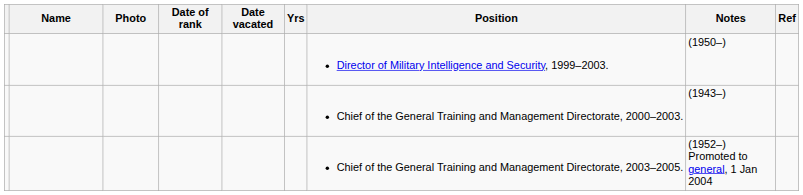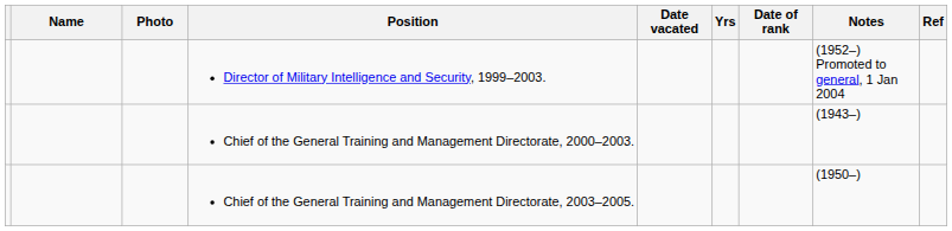 <table class="wikitable sortable">
 <tr>
 <th></th>
 <th width=130>Name</th>
 <th width=75 class="unsortable">Photo</th>
-<th width=85>Date of rank</th>
+<th class="unsortable">Position</th>
 <th width=85>Date vacated</th>
 <th width=20>Yrs</th>
-<th class="unsortable">Position</th>
+<th width=85>Date of rank</th>
 <th width=125 class="unsortable">Notes</th>
 <th class="unsortable">Ref</th>
 </tr>
 <tr valign=top>
 <td align=right></td>
 <td></td>
 <td></td>
+<td><br><ul><li><a href='#'>Director of Military Intelligence and Security</a>, 1999–2003.</li></ul></td>
 <td align=right>  </td>
 <td align=right>  </td>
 <td align=right>  </td>
-<td><br><ul><li><a href='#'>Director of Military Intelligence and Security</a>, 1999–2003.</li></ul></td>
-<td>(1950–)</td>
+<td>(1952–) Promoted to <a href='#'>general</a>, 1 Jan 2004</td>
 <td></td>
 </tr>
 <tr valign=top>
 <td align=right></td>
 <td></td>
 <td></td>
+<td><br><ul><li>Chief of the General Training and Management Directorate, 2000–2003.</li></ul></td>
 <td align=right>  </td>
 <td align=right>  </td>
 <td align=right>  </td>
-<td><br><ul><li>Chief of the General Training and Management Directorate, 2000–2003.</li></ul></td>
 <td>(1943–)</td>
 <td></td>
 </tr>
 <tr valign=top>
 <td align=right></td>
 <td></td>
 <td></td>
+<td><br><ul><li>Chief of the General Training and Management Directorate, 2003–2005.</li></ul></td>
 <td align=right>  </td>
 <td align=right>  </td>
 <td align=right>  </td>
-<td><br><ul><li>Chief of the General Training and Management Directorate, 2003–2005.</li></ul></td>
-<td>(1952–) Promoted to <a href='#'>general</a>, 1 Jan 2004</td>
+<td>(1950–)</td>
 <td></td>
 </tr>
 </table>
